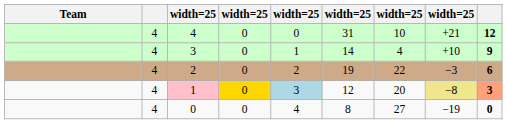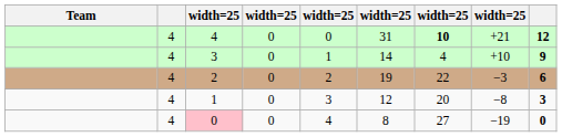 <table class="wikitable" style="text-align: center; font-size: 90%;">
 <tr>
 <th width="165">Team</th>
 <th width=25></th>
 <th>width=25</th>
 <th>width=25</th>
 <th>width=25</th>
 <th>width=25</th>
 <th>width=25</th>
 <th>width=25</th>
 <th width=25></th>
 </tr>
 <tr bgcolor=#ccffcc>
 <td align=left></td>
 <td>4</td>
 <td>4</td>
 <td>0</td>
 <td>0</td>
 <td>31</td>
-<td>10</td>
+<td><strong>10</strong></td>
 <td>+21</td>
 <td><strong>12</strong></td>
 </tr>
 <tr bgcolor=#ccffcc>
 <td align=left></td>
 <td>4</td>
 <td>3</td>
 <td>0</td>
 <td>1</td>
 <td>14</td>
 <td>4</td>
 <td>+10</td>
 <td><strong>9</strong></td>
 </tr>
 <tr bgcolor=#CFAA88>
 <td align=left></td>
 <td>4</td>
 <td>2</td>
 <td>0</td>
 <td>2</td>
 <td>19</td>
 <td>22</td>
 <td>−3</td>
 <td><strong>6</strong></td>
 </tr>
 <tr>
 <td align=left></td>
 <td>4</td>
-<td style="background: pink;">1</td>
-<td style="background: gold;">0</td>
-<td style="background: lightblue;">3</td>
+<td>1</td>
+<td>0</td>
+<td>3</td>
 <td>12</td>
 <td>20</td>
-<td style="background: khaki;">−8</td>
-<td style="background: lightsalmon;"><strong>3</strong></td>
+<td>−8</td>
+<td><strong>3</strong></td>
 </tr>
 <tr>
 <td align=left></td>
 <td>4</td>
-<td>0</td>
+<td style="background: pink;">0</td>
 <td>0</td>
 <td>4</td>
 <td>8</td>
 <td>27</td>
 <td>−19</td>
 <td><strong>0</strong></td>
 </tr>
 </table>
